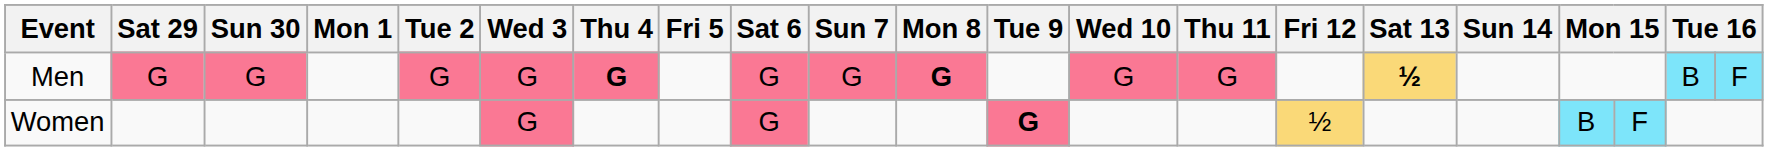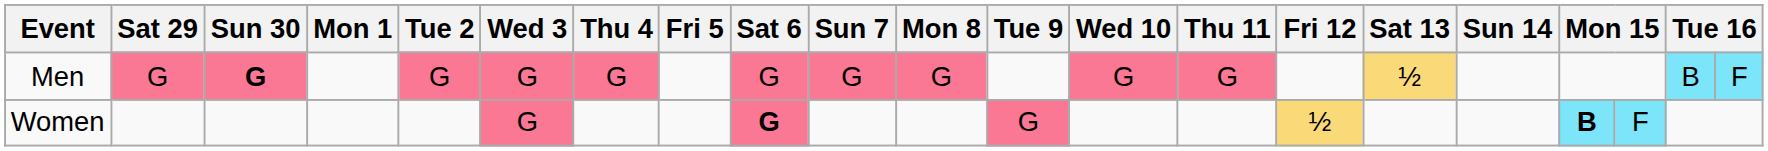 <table class="wikitable" style="margin:0.5em auto; font-size:90%; line-height:1.25em; text-align:center">
 <tr>
 <th>Event</th>
 <th>Sat 29</th>
 <th>Sun 30</th>
 <th>Mon 1</th>
 <th>Tue 2</th>
 <th>Wed 3</th>
 <th>Thu 4</th>
 <th>Fri 5</th>
 <th>Sat 6</th>
 <th>Sun 7</th>
 <th>Mon 8</th>
 <th>Tue 9</th>
 <th>Wed 10</th>
 <th>Thu 11</th>
 <th>Fri 12</th>
 <th>Sat 13</th>
 <th>Sun 14</th>
 <th colspan=2>Mon 15</th>
 <th colspan=2>Tue 16</th>
 </tr>
 <tr>
 <td>Men</td>
 <td bgcolor="#FA7894">G</td>
+<td bgcolor="#FA7894"><strong>G</strong></td>
+<td></td>
+<td bgcolor="#FA7894">G</td>
+<td bgcolor="#FA7894">G</td>
 <td bgcolor="#FA7894">G</td>
 <td></td>
 <td bgcolor="#FA7894">G</td>
 <td bgcolor="#FA7894">G</td>
-<td bgcolor="#FA7894"><strong>G</strong></td>
-<td></td>
 <td bgcolor="#FA7894">G</td>
-<td bgcolor="#FA7894">G</td>
-<td bgcolor="#FA7894"><strong>G</strong></td>
 <td></td>
 <td bgcolor="#FA7894">G</td>
 <td bgcolor="#FA7894">G</td>
 <td></td>
-<td bgcolor="#FAD978"><strong>½</strong></td>
+<td bgcolor="#FAD978">½</td>
 <td></td>
 <td colspan=2></td>
 <td bgcolor="#7DE5FA">B</td>
 <td bgcolor="#7DE5FA">F</td>
 </tr>
 <tr>
 <td>Women</td>
 <td></td>
 <td></td>
 <td></td>
 <td></td>
 <td bgcolor="#FA7894">G</td>
 <td></td>
 <td></td>
-<td bgcolor="#FA7894">G</td>
+<td bgcolor="#FA7894"><strong>G</strong></td>
 <td></td>
 <td></td>
-<td bgcolor="#FA7894"><strong>G</strong></td>
+<td bgcolor="#FA7894">G</td>
 <td></td>
 <td></td>
 <td bgcolor="#FAD978">½</td>
 <td></td>
 <td></td>
-<td bgcolor="#7DE5FA">B</td>
+<td bgcolor="#7DE5FA"><strong>B</strong></td>
 <td bgcolor="#7DE5FA">F</td>
 <td colspan=2></td>
 </tr>
 </table>
